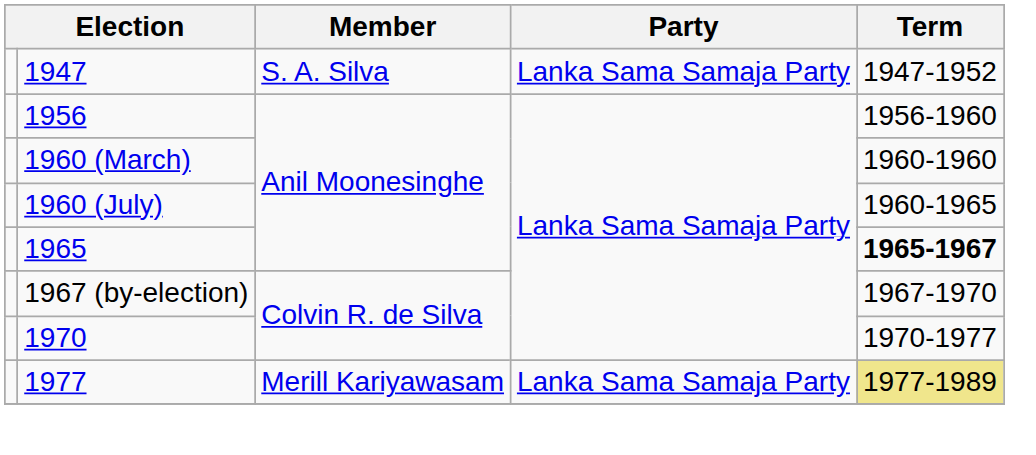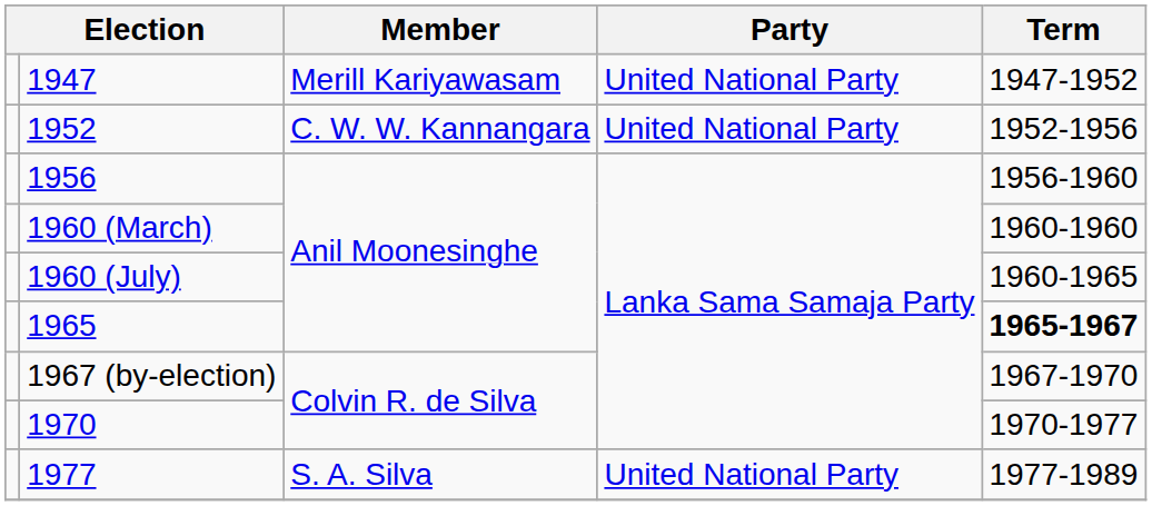 <table class="wikitable">
 <tr>
 <th colspan="2">Election</th>
 <th>Member</th>
 <th>Party</th>
 <th>Term</th>
 </tr>
 <tr>
 <td style="background-color: "></td>
 <td><a href='#'>1947</a></td>
-<td><a href='#'>S. A. Silva</a></td>
-<td><a href='#'>Lanka Sama Samaja Party</a></td>
+<td><a href='#'>Merill Kariyawasam</a></td>
+<td><a href='#'>United National Party</a></td>
 <td>1947-1952</td>
+</tr>
+<tr>
+<td style="background-color: "></td>
+<td><a href='#'>1952</a></td>
+<td><a href='#'>C. W. W. Kannangara</a></td>
+<td><a href='#'>United National Party</a></td>
+<td>1952-1956</td>
 </tr>
 <tr>
 <td style="background-color: "></td>
 <td><a href='#'>1956</a></td>
 <td rowspan=4><a href='#'>Anil Moonesinghe</a></td>
 <td rowspan=6><a href='#'>Lanka Sama Samaja Party</a></td>
 <td>1956-1960</td>
 </tr>
 <tr>
 <td style="background-color: "></td>
 <td><a href='#'>1960 (March)</a></td>
 <td>1960-1960</td>
 </tr>
 <tr>
 <td style="background-color: "></td>
 <td><a href='#'>1960 (July)</a></td>
 <td>1960-1965</td>
 </tr>
 <tr>
 <td style="background-color: "></td>
 <td><a href='#'>1965</a></td>
 <td><strong>1965-1967</strong></td>
 </tr>
 <tr>
 <td style="background-color: "></td>
 <td>1967 (by-election)</td>
 <td rowspan=2><a href='#'>Colvin R. de Silva</a></td>
 <td>1967-1970</td>
 </tr>
 <tr>
 <td style="background-color: "></td>
 <td><a href='#'>1970</a></td>
 <td>1970-1977</td>
 </tr>
 <tr>
 <td style="background-color: "></td>
 <td><a href='#'>1977</a></td>
-<td><a href='#'>Merill Kariyawasam</a></td>
-<td><a href='#'>Lanka Sama Samaja Party</a></td>
-<td style="background: khaki;">1977-1989</td>
+<td><a href='#'>S. A. Silva</a></td>
+<td><a href='#'>United National Party</a></td>
+<td>1977-1989</td>
 </tr>
 <tr>
 </tr>
 </table>
